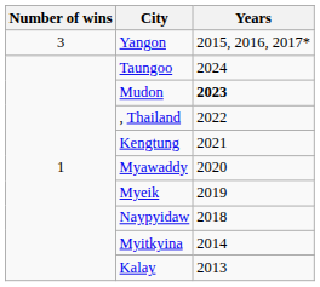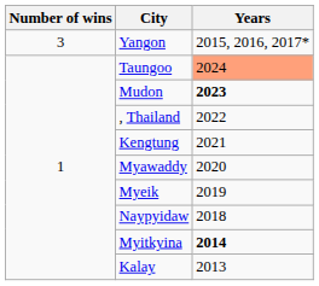 <table class="wikitable sortable" style="font-size: 85%;">
 <tr>
 <th scope="col">Number of wins</th>
 <th scope="col">City</th>
 <th scope="col">Years</th>
 </tr>
 <tr>
 <td style="text-align:center;">3</td>
 <td> <a href='#'>Yangon</a></td>
 <td>2015, 2016, 2017*</td>
 </tr>
 <tr>
 <td rowspan="9" style="text-align:center;">1</td>
 <td> <a href='#'>Taungoo</a></td>
-<td>2024</td>
+<td style="background: lightsalmon;">2024</td>
 </tr>
 <tr>
 <td> <a href='#'>Mudon</a></td>
 <td><strong>2023</strong></td>
 </tr>
 <tr>
 <td>, <a href='#'>Thailand</a></td>
 <td>2022</td>
 </tr>
 <tr>
 <td> <a href='#'>Kengtung</a></td>
 <td>2021</td>
 </tr>
 <tr>
 <td> <a href='#'>Myawaddy</a></td>
 <td>2020</td>
 </tr>
 <tr>
 <td> <a href='#'>Myeik</a></td>
 <td>2019</td>
 </tr>
 <tr>
 <td> <a href='#'>Naypyidaw</a></td>
 <td>2018</td>
 </tr>
 <tr>
 <td> <a href='#'>Myitkyina</a></td>
-<td>2014</td>
+<td><strong>2014</strong></td>
 </tr>
 <tr>
 <td> <a href='#'>Kalay</a></td>
 <td>2013</td>
 </tr>
 </table>
